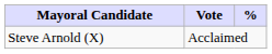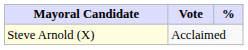 <table class="wikitable">
 <tr>
 <th style="background:#ddf; width:200px;">Mayoral Candidate </th>
 <th style="background:#ddf; width:50px;">Vote</th>
 <th style="background:#ddf; width:30px;">%</th>
 </tr>
 <tr>
-<td>Steve Arnold (X)</td>
+<td style="background: lightyellow;">Steve Arnold (X)</td>
 <td colspan="2">Acclaimed</td>
 </tr>
 </table>
